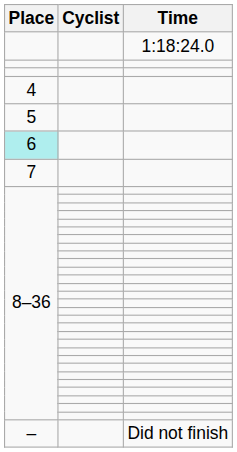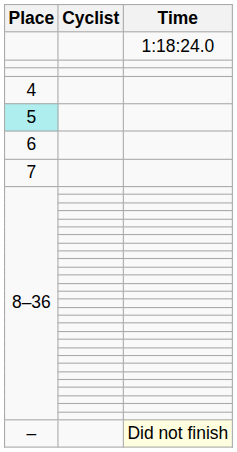 <table class=wikitable style="text-align:center">
 <tr>
 <th>Place</th>
 <th>Cyclist</th>
 <th>Time</th>
 </tr>
 <tr>
 <td></td>
 <td align=left></td>
 <td>1:18:24.0</td>
 </tr>
 <tr>
 <td></td>
 <td align=left></td>
 <td></td>
 </tr>
 <tr>
 <td></td>
 <td align=left></td>
 <td></td>
 </tr>
 <tr>
 <td>4</td>
 <td align=left></td>
 <td></td>
 </tr>
 <tr>
-<td>5</td>
+<td style="background: paleturquoise;">5</td>
 <td align=left></td>
 <td></td>
 </tr>
 <tr>
-<td style="background: paleturquoise;">6</td>
+<td>6</td>
 <td align=left></td>
 <td></td>
 </tr>
 <tr>
 <td>7</td>
 <td align=left></td>
 <td></td>
 </tr>
 <tr>
 <td rowspan=29>8–36</td>
 <td align=left></td>
 <td></td>
 </tr>
 <tr>
 <td align=left></td>
 <td></td>
 </tr>
 <tr>
 <td align=left></td>
 <td></td>
 </tr>
 <tr>
 <td align=left></td>
 <td></td>
 </tr>
 <tr>
 <td align=left></td>
 <td></td>
 </tr>
 <tr>
 <td align=left></td>
 <td></td>
 </tr>
 <tr>
 <td align=left></td>
 <td></td>
 </tr>
 <tr>
 <td align=left></td>
 <td></td>
 </tr>
 <tr>
 <td align=left></td>
 <td></td>
 </tr>
 <tr>
 <td align=left></td>
 <td></td>
 </tr>
 <tr>
 <td align=left></td>
 <td></td>
 </tr>
 <tr>
 <td align=left></td>
 <td></td>
 </tr>
 <tr>
 <td align=left></td>
 <td></td>
 </tr>
 <tr>
 <td align=left></td>
 <td></td>
 </tr>
 <tr>
 <td align=left></td>
 <td></td>
 </tr>
 <tr>
 <td align=left></td>
 <td></td>
 </tr>
 <tr>
 <td align=left></td>
 <td></td>
 </tr>
 <tr>
 <td align=left></td>
 <td></td>
 </tr>
 <tr>
 <td align=left></td>
 <td></td>
 </tr>
 <tr>
 <td align=left></td>
 <td></td>
 </tr>
 <tr>
 <td align=left></td>
 <td></td>
 </tr>
 <tr>
 <td align=left></td>
 <td></td>
 </tr>
 <tr>
 <td align=left></td>
 <td></td>
 </tr>
 <tr>
 <td align=left></td>
 <td></td>
 </tr>
 <tr>
 <td align=left></td>
 <td></td>
 </tr>
 <tr>
 <td align=left></td>
 <td></td>
 </tr>
 <tr>
 <td align=left></td>
 <td></td>
 </tr>
 <tr>
 <td align=left></td>
 <td></td>
 </tr>
 <tr>
 <td align=left></td>
 <td></td>
 </tr>
 <tr>
 <td>–</td>
 <td align=left></td>
-<td>Did not finish</td>
+<td style="background: lightyellow;">Did not finish</td>
 </tr>
 </table>
